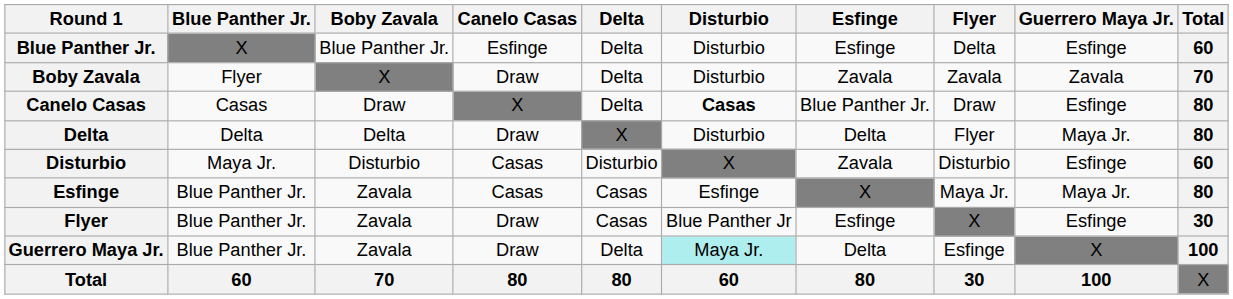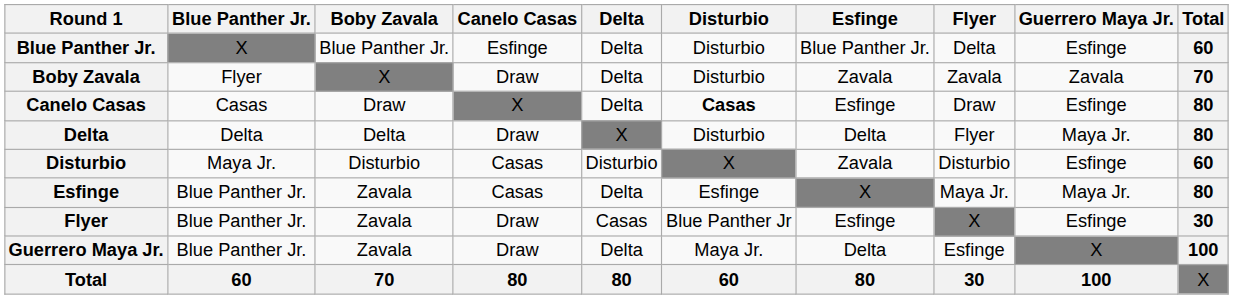 <table class="wikitable" style="margin:1em auto; text-align:center;">
 <tr>
 <th>Round 1</th>
 <th>Blue Panther Jr.</th>
 <th>Boby Zavala</th>
 <th>Canelo Casas</th>
 <th>Delta</th>
 <th>Disturbio</th>
 <th>Esfinge</th>
 <th>Flyer</th>
 <th>Guerrero Maya Jr.</th>
 <th>Total</th>
 </tr>
 <tr>
 <th>Blue Panther Jr.</th>
 <td bgcolor=Grey>X</td>
 <td>Blue Panther Jr.</td>
 <td>Esfinge</td>
 <td>Delta</td>
 <td>Disturbio</td>
-<td>Esfinge</td>
+<td>Blue Panther Jr.</td>
 <td>Delta</td>
 <td>Esfinge</td>
 <th>60</th>
 </tr>
 <tr>
 <th>Boby Zavala</th>
 <td>Flyer</td>
 <td bgcolor=Grey>X</td>
 <td>Draw</td>
 <td>Delta</td>
 <td>Disturbio</td>
 <td>Zavala</td>
 <td>Zavala</td>
 <td>Zavala</td>
 <th>70</th>
 </tr>
 <tr>
 <th>Canelo Casas</th>
 <td>Casas</td>
 <td>Draw</td>
 <td bgcolor=Grey>X</td>
 <td>Delta</td>
 <td><strong>Casas</strong></td>
-<td>Blue Panther Jr.</td>
+<td>Esfinge</td>
 <td>Draw</td>
 <td>Esfinge</td>
 <th>80</th>
 </tr>
 <tr>
 <th>Delta</th>
 <td>Delta</td>
 <td>Delta</td>
 <td>Draw</td>
 <td bgcolor=Grey>X</td>
 <td>Disturbio</td>
 <td>Delta</td>
 <td>Flyer</td>
 <td>Maya Jr.</td>
 <th>80</th>
 </tr>
 <tr>
 <th>Disturbio</th>
 <td>Maya Jr.</td>
 <td>Disturbio</td>
 <td>Casas</td>
 <td>Disturbio</td>
 <td bgcolor=Grey>X</td>
 <td>Zavala</td>
 <td>Disturbio</td>
 <td>Esfinge</td>
 <th>60</th>
 </tr>
 <tr>
 <th>Esfinge</th>
 <td>Blue Panther Jr.</td>
 <td>Zavala</td>
 <td>Casas</td>
-<td>Casas</td>
+<td>Delta</td>
 <td>Esfinge</td>
 <td bgcolor=Grey>X</td>
 <td>Maya Jr.</td>
 <td>Maya Jr.</td>
 <th>80</th>
 </tr>
 <tr>
 <th>Flyer</th>
 <td>Blue Panther Jr.</td>
 <td>Zavala</td>
 <td>Draw</td>
 <td>Casas</td>
 <td>Blue Panther Jr</td>
 <td>Esfinge</td>
 <td bgcolor=Grey>X</td>
 <td>Esfinge</td>
 <th>30</th>
 </tr>
 <tr>
 <th>Guerrero Maya Jr.</th>
 <td>Blue Panther Jr.</td>
 <td>Zavala</td>
 <td>Draw</td>
 <td>Delta</td>
-<td style="background: paleturquoise;">Maya Jr.</td>
+<td>Maya Jr.</td>
 <td>Delta</td>
 <td>Esfinge</td>
 <td bgcolor=Grey>X</td>
 <th>100</th>
 </tr>
 <tr>
 <th>Total</th>
 <th>60</th>
 <th>70</th>
 <th>80</th>
 <th>80</th>
 <th>60</th>
 <th>80</th>
 <th>30</th>
 <th>100</th>
 <td bgcolor=Grey>X</td>
 </tr>
 </table>
